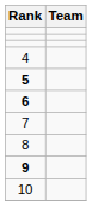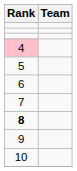 <table class="wikitable" border="1">
 <tr>
 <th>Rank</th>
 <th>Team</th>
 </tr>
 <tr>
 <td align=center></td>
 <td></td>
 </tr>
 <tr>
 <td align=center></td>
 <td></td>
 </tr>
 <tr>
 <td align=center></td>
 <td></td>
 </tr>
 <tr>
-<td align=center>4</td>
+<td align=center style="background: pink;">4</td>
 <td></td>
 </tr>
 <tr>
-<td align=center><strong>5</strong></td>
+<td align=center>5</td>
 <td></td>
 </tr>
 <tr>
-<td align=center><strong>6</strong></td>
+<td align=center>6</td>
 <td></td>
 </tr>
 <tr>
 <td align=center>7</td>
 <td></td>
 </tr>
 <tr>
-<td align=center>8</td>
+<td align=center><strong>8</strong></td>
 <td></td>
 </tr>
 <tr>
-<td align=center><strong>9</strong></td>
+<td align=center>9</td>
 <td></td>
 </tr>
 <tr>
 <td align=center>10</td>
 <td></td>
 </tr>
 <tr>
 </tr>
 </table>
